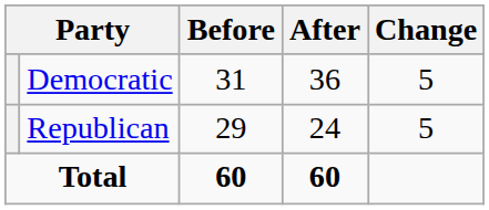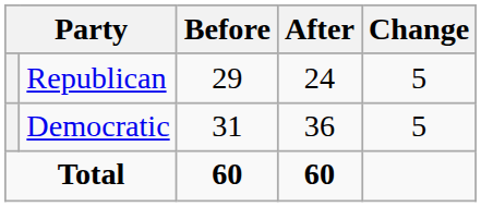 <table class="wikitable" style="text-align:center;">
 <tr>
 <th colspan="2">Party</th>
 <th>Before</th>
 <th>After</th>
 <th>Change</th>
 </tr>
 <tr>
 <th style="background-color:"></th>
-<td style="text-align:left;"><a href='#'>Democratic</a></td>
-<td>31</td>
-<td>36</td>
+<td style="text-align:left;"><a href='#'>Republican</a></td>
+<td>29</td>
+<td>24</td>
 <td> 5</td>
 </tr>
 <tr>
 <th style="background-color:"></th>
-<td style="text-align:left;"><a href='#'>Republican</a></td>
-<td>29</td>
-<td>24</td>
+<td style="text-align:left;"><a href='#'>Democratic</a></td>
+<td>31</td>
+<td>36</td>
 <td> 5</td>
 </tr>
 <tr>
 <td colspan="2"><strong>Total</strong></td>
 <td><strong>60</strong></td>
 <td><strong>60</strong></td>
 <td></td>
 </tr>
 </table>
